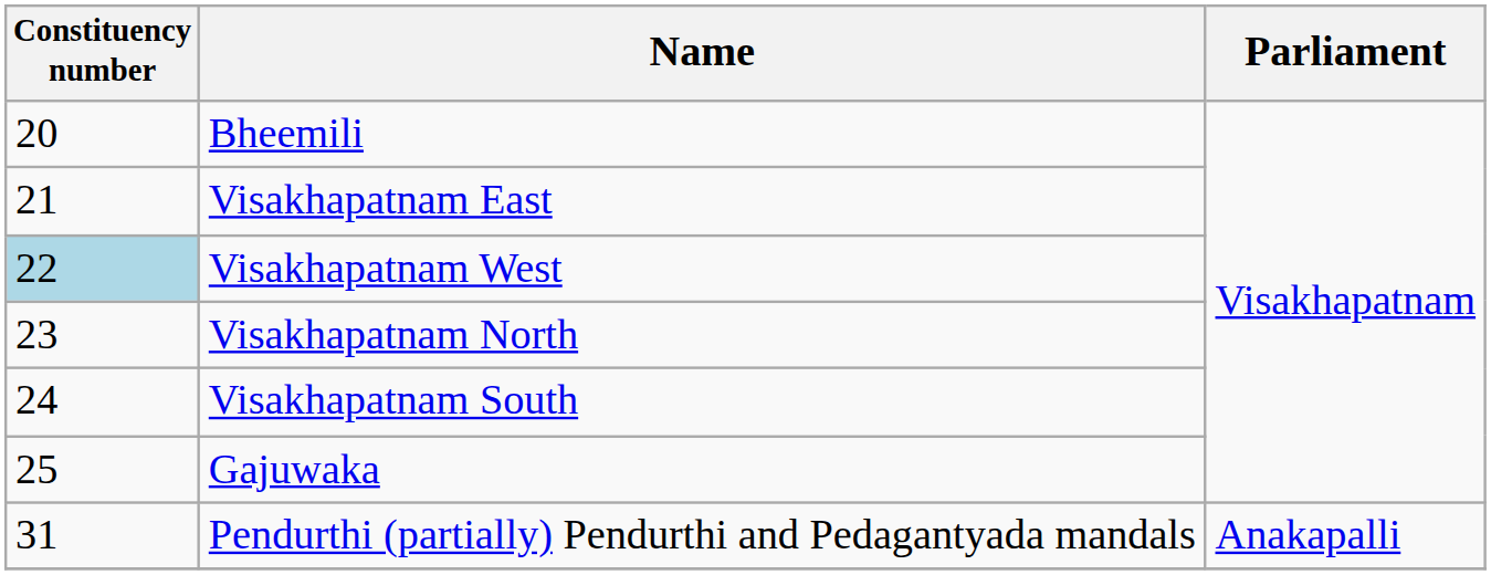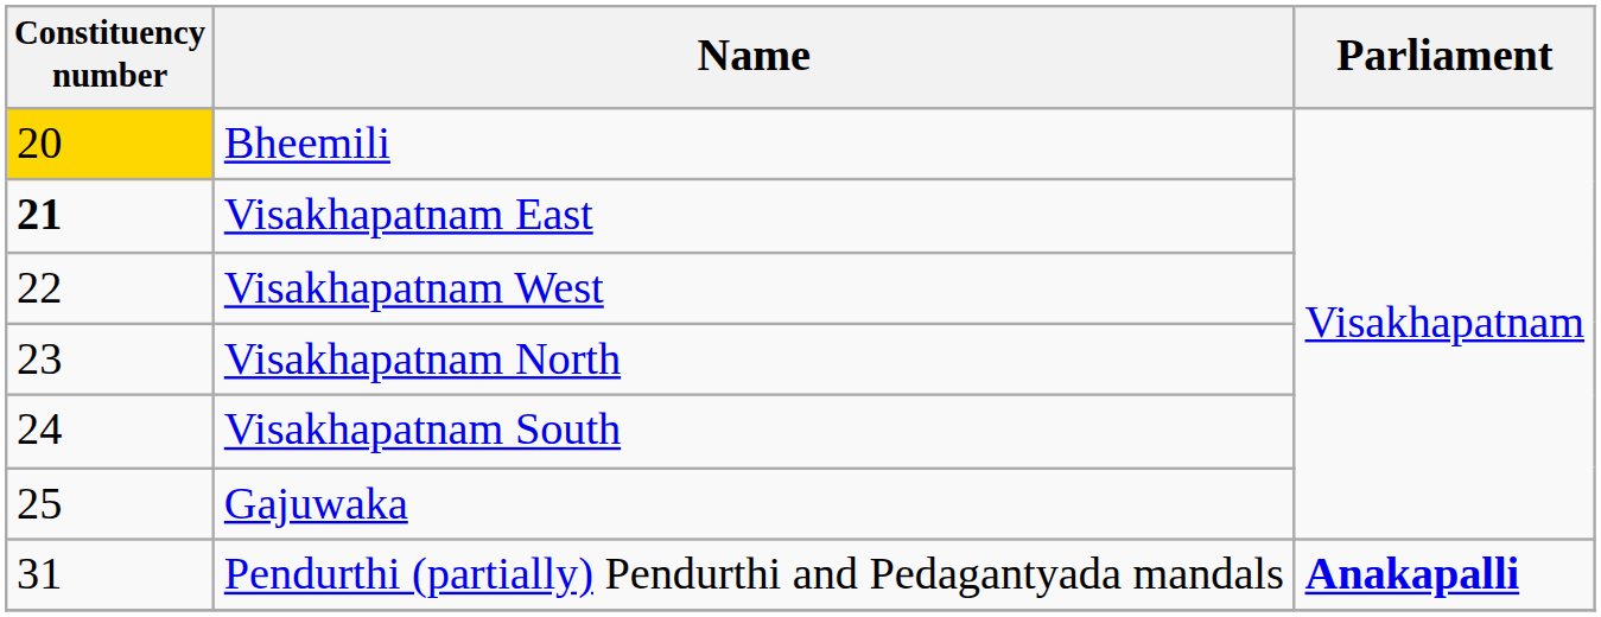 <table class="wikitable sortable">
 <tr>
 <th width="50px" style="font-size:75%">Constituency number</th>
 <th>Name</th>
 <th>Parliament</th>
 </tr>
 <tr>
-<td>20</td>
+<td style="background: gold;">20</td>
 <td><a href='#'>Bheemili</a></td>
 <td rowspan="6"><a href='#'>Visakhapatnam</a></td>
 </tr>
 <tr>
-<td>21</td>
+<td><strong>21</strong></td>
 <td><a href='#'>Visakhapatnam East</a></td>
 </tr>
 <tr>
-<td style="background: lightblue;">22</td>
+<td>22</td>
 <td><a href='#'>Visakhapatnam West</a></td>
 </tr>
 <tr>
 <td>23</td>
 <td><a href='#'>Visakhapatnam North</a></td>
 </tr>
 <tr>
 <td>24</td>
 <td><a href='#'>Visakhapatnam South</a></td>
 </tr>
 <tr>
 <td>25</td>
 <td><a href='#'>Gajuwaka</a></td>
 </tr>
 <tr>
 <td>31</td>
 <td><a href='#'>Pendurthi (partially)</a> Pendurthi and Pedagantyada mandals</td>
-<td><a href='#'>Anakapalli</a></td>
+<td><strong><a href='#'>Anakapalli</a></strong></td>
 </tr>
 <tr>
 </tr>
 </table>
